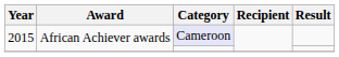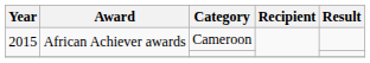 <table class="wikitable plainrowheaders sortable">
 <tr>
 <th>Year</th>
 <th>Award</th>
 <th>Category</th>
 <th>Recipient</th>
 <th>Result</th>
 </tr>
 <tr>
 <td rowspan=2>2015</td>
 <td rowspan=2>African Achiever awards</td>
-<td style="background: lavender;">Cameroon</td>
+<td>Cameroon</td>
 <td rowspan=2></td>
 <td></td>
 </tr>
 <tr>
 <td></td>
 <td></td>
 </tr>
 <tr>
 </tr>
 </table>
